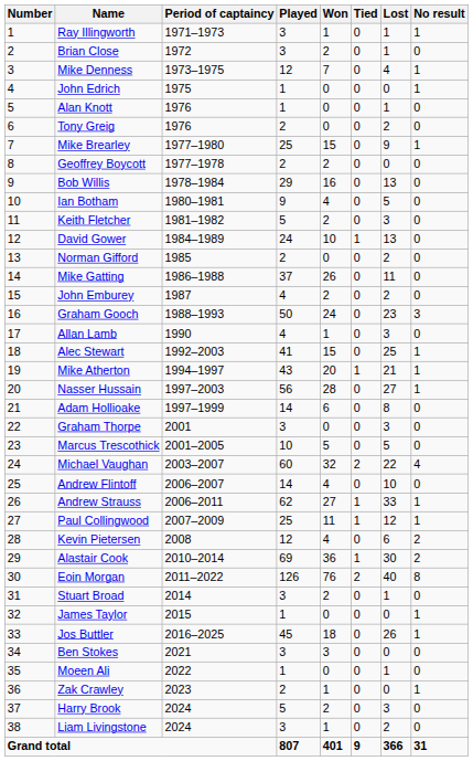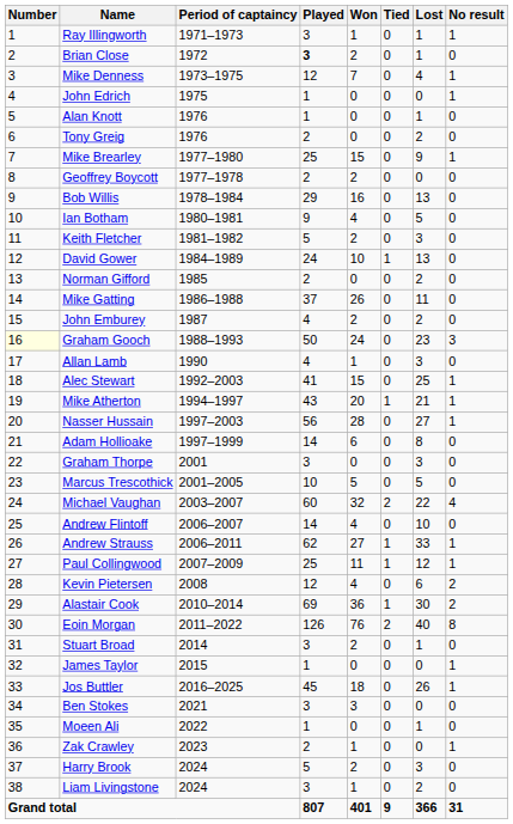 <table class="wikitable">
 <tr>
 <th>Number</th>
 <th>Name</th>
 <th>Period of captaincy</th>
 <th>Played</th>
 <th>Won</th>
 <th>Tied</th>
 <th>Lost</th>
 <th>No result</th>
 </tr>
 <tr>
 <td>1</td>
 <td><a href='#'>Ray Illingworth</a></td>
 <td>1971–1973</td>
 <td>3</td>
 <td>1</td>
 <td>0</td>
 <td>1</td>
 <td>1</td>
 </tr>
 <tr>
 <td>2</td>
 <td><a href='#'>Brian Close</a></td>
 <td>1972</td>
-<td>3</td>
+<td><strong>3</strong></td>
 <td>2</td>
 <td>0</td>
 <td>1</td>
 <td>0</td>
 </tr>
 <tr>
 <td>3</td>
 <td><a href='#'>Mike Denness</a></td>
 <td>1973–1975</td>
 <td>12</td>
 <td>7</td>
 <td>0</td>
 <td>4</td>
 <td>1</td>
 </tr>
 <tr>
 <td>4</td>
 <td><a href='#'>John Edrich</a></td>
 <td>1975</td>
 <td>1</td>
 <td>0</td>
 <td>0</td>
 <td>0</td>
 <td>1</td>
 </tr>
 <tr>
 <td>5</td>
 <td><a href='#'>Alan Knott</a></td>
 <td>1976</td>
 <td>1</td>
 <td>0</td>
 <td>0</td>
 <td>1</td>
 <td>0</td>
 </tr>
 <tr>
 <td>6</td>
 <td><a href='#'>Tony Greig</a></td>
 <td>1976</td>
 <td>2</td>
 <td>0</td>
 <td>0</td>
 <td>2</td>
 <td>0</td>
 </tr>
 <tr>
 <td>7</td>
 <td><a href='#'>Mike Brearley</a></td>
 <td>1977–1980</td>
 <td>25</td>
 <td>15</td>
 <td>0</td>
 <td>9</td>
 <td>1</td>
 </tr>
 <tr>
 <td>8</td>
 <td><a href='#'>Geoffrey Boycott</a></td>
 <td>1977–1978</td>
 <td>2</td>
 <td>2</td>
 <td>0</td>
 <td>0</td>
 <td>0</td>
 </tr>
 <tr>
 <td>9</td>
 <td><a href='#'>Bob Willis</a></td>
 <td>1978–1984</td>
 <td>29</td>
 <td>16</td>
 <td>0</td>
 <td>13</td>
 <td>0</td>
 </tr>
 <tr>
 <td>10</td>
 <td><a href='#'>Ian Botham</a></td>
 <td>1980–1981</td>
 <td>9</td>
 <td>4</td>
 <td>0</td>
 <td>5</td>
 <td>0</td>
 </tr>
 <tr>
 <td>11</td>
 <td><a href='#'>Keith Fletcher</a></td>
 <td>1981–1982</td>
 <td>5</td>
 <td>2</td>
 <td>0</td>
 <td>3</td>
 <td>0</td>
 </tr>
 <tr>
 <td>12</td>
 <td><a href='#'>David Gower</a></td>
 <td>1984–1989</td>
 <td>24</td>
 <td>10</td>
 <td>1</td>
 <td>13</td>
 <td>0</td>
 </tr>
 <tr>
 <td>13</td>
 <td><a href='#'>Norman Gifford</a></td>
 <td>1985</td>
 <td>2</td>
 <td>0</td>
 <td>0</td>
 <td>2</td>
 <td>0</td>
 </tr>
 <tr>
 <td>14</td>
 <td><a href='#'>Mike Gatting</a></td>
 <td>1986–1988</td>
 <td>37</td>
 <td>26</td>
 <td>0</td>
 <td>11</td>
 <td>0</td>
 </tr>
 <tr>
 <td>15</td>
 <td><a href='#'>John Emburey</a></td>
 <td>1987</td>
 <td>4</td>
 <td>2</td>
 <td>0</td>
 <td>2</td>
 <td>0</td>
 </tr>
 <tr>
-<td>16</td>
+<td style="background: lightyellow;">16</td>
 <td><a href='#'>Graham Gooch</a></td>
 <td>1988–1993</td>
 <td>50</td>
 <td>24</td>
 <td>0</td>
 <td>23</td>
 <td>3</td>
 </tr>
 <tr>
 <td>17</td>
 <td><a href='#'>Allan Lamb</a></td>
 <td>1990</td>
 <td>4</td>
 <td>1</td>
 <td>0</td>
 <td>3</td>
 <td>0</td>
 </tr>
 <tr>
 <td>18</td>
 <td><a href='#'>Alec Stewart</a></td>
 <td>1992–2003</td>
 <td>41</td>
 <td>15</td>
 <td>0</td>
 <td>25</td>
 <td>1</td>
 </tr>
 <tr>
 <td>19</td>
 <td><a href='#'>Mike Atherton</a></td>
 <td>1994–1997</td>
 <td>43</td>
 <td>20</td>
 <td>1</td>
 <td>21</td>
 <td>1</td>
 </tr>
 <tr>
 <td>20</td>
 <td><a href='#'>Nasser Hussain</a></td>
 <td>1997–2003</td>
 <td>56</td>
 <td>28</td>
 <td>0</td>
 <td>27</td>
 <td>1</td>
 </tr>
 <tr>
 <td>21</td>
 <td><a href='#'>Adam Hollioake</a></td>
 <td>1997–1999</td>
 <td>14</td>
 <td>6</td>
 <td>0</td>
 <td>8</td>
 <td>0</td>
 </tr>
 <tr>
 <td>22</td>
 <td><a href='#'>Graham Thorpe</a></td>
 <td>2001</td>
 <td>3</td>
 <td>0</td>
 <td>0</td>
 <td>3</td>
 <td>0</td>
 </tr>
 <tr>
 <td>23</td>
 <td><a href='#'>Marcus Trescothick</a></td>
 <td>2001–2005</td>
 <td>10</td>
 <td>5</td>
 <td>0</td>
 <td>5</td>
 <td>0</td>
 </tr>
 <tr>
 <td>24</td>
 <td><a href='#'>Michael Vaughan</a></td>
 <td>2003–2007</td>
 <td>60</td>
 <td>32</td>
 <td>2</td>
 <td>22</td>
 <td>4</td>
 </tr>
 <tr>
 <td>25</td>
 <td><a href='#'>Andrew Flintoff</a></td>
 <td>2006–2007</td>
 <td>14</td>
 <td>4</td>
 <td>0</td>
 <td>10</td>
 <td>0</td>
 </tr>
 <tr>
 <td>26</td>
 <td><a href='#'>Andrew Strauss</a></td>
 <td>2006–2011</td>
 <td>62</td>
 <td>27</td>
 <td>1</td>
 <td>33</td>
 <td>1</td>
 </tr>
 <tr>
 <td>27</td>
 <td><a href='#'>Paul Collingwood</a></td>
 <td>2007–2009</td>
 <td>25</td>
 <td>11</td>
 <td>1</td>
 <td>12</td>
 <td>1</td>
 </tr>
 <tr>
 <td>28</td>
 <td><a href='#'>Kevin Pietersen</a></td>
 <td>2008</td>
 <td>12</td>
 <td>4</td>
 <td>0</td>
 <td>6</td>
 <td>2</td>
 </tr>
 <tr>
 <td>29</td>
 <td><a href='#'>Alastair Cook</a></td>
 <td>2010–2014</td>
 <td>69</td>
 <td>36</td>
 <td>1</td>
 <td>30</td>
 <td>2</td>
 </tr>
 <tr>
 <td>30</td>
 <td><a href='#'>Eoin Morgan</a></td>
 <td>2011–2022</td>
 <td>126</td>
 <td>76</td>
 <td>2</td>
 <td>40</td>
 <td>8</td>
 </tr>
 <tr>
 <td>31</td>
 <td><a href='#'>Stuart Broad</a></td>
 <td>2014</td>
 <td>3</td>
 <td>2</td>
 <td>0</td>
 <td>1</td>
 <td>0</td>
 </tr>
 <tr>
 <td>32</td>
 <td><a href='#'>James Taylor</a></td>
 <td>2015</td>
 <td>1</td>
 <td>0</td>
 <td>0</td>
 <td>0</td>
 <td>1</td>
 </tr>
 <tr>
 <td>33</td>
 <td><a href='#'>Jos Buttler</a></td>
 <td>2016–2025</td>
 <td>45</td>
 <td>18</td>
 <td>0</td>
 <td>26</td>
 <td>1</td>
 </tr>
 <tr>
 <td>34</td>
 <td><a href='#'>Ben Stokes</a></td>
 <td>2021</td>
 <td>3</td>
 <td>3</td>
 <td>0</td>
 <td>0</td>
 <td>0</td>
 </tr>
 <tr>
 <td>35</td>
 <td><a href='#'>Moeen Ali</a></td>
 <td>2022</td>
 <td>1</td>
 <td>0</td>
 <td>0</td>
 <td>1</td>
 <td>0</td>
 </tr>
 <tr>
 <td>36</td>
 <td><a href='#'>Zak Crawley</a></td>
 <td>2023</td>
 <td>2</td>
 <td>1</td>
 <td>0</td>
 <td>0</td>
 <td>1</td>
 </tr>
 <tr>
 <td>37</td>
 <td><a href='#'>Harry Brook</a></td>
 <td>2024</td>
 <td>5</td>
 <td>2</td>
 <td>0</td>
 <td>3</td>
 <td>0</td>
 </tr>
 <tr>
 <td>38</td>
 <td><a href='#'>Liam Livingstone</a></td>
 <td>2024</td>
 <td>3</td>
 <td>1</td>
 <td>0</td>
 <td>2</td>
 <td>0</td>
 </tr>
 <tr>
 <td colspan="3"><strong>Grand total</strong></td>
 <td><strong>807</strong></td>
 <td><strong>401</strong></td>
 <td><strong>9</strong></td>
 <td><strong>366</strong></td>
 <td><strong>31</strong></td>
 </tr>
 </table>
